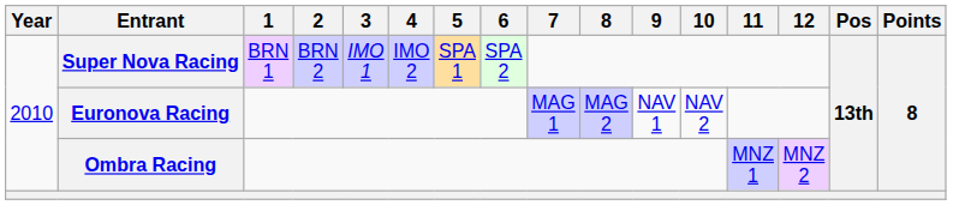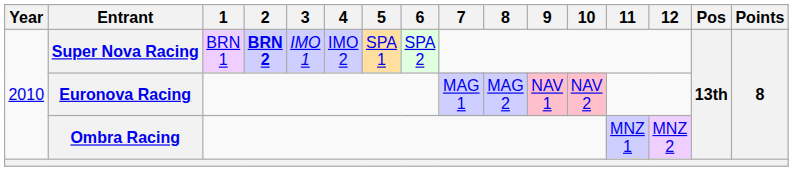 <table class="wikitable" style="text-align:center; font-size:85%">
 <tr>
 <th>Year</th>
 <th>Entrant</th>
 <th>1</th>
 <th>2</th>
 <th>3</th>
 <th>4</th>
 <th>5</th>
 <th>6</th>
 <th>7</th>
 <th>8</th>
 <th>9</th>
 <th>10</th>
 <th>11</th>
 <th>12</th>
 <th>Pos</th>
 <th>Points</th>
 </tr>
 <tr>
 <td rowspan=3><a href='#'>2010</a></td>
 <th nowrap><a href='#'>Super Nova Racing</a></th>
 <td style="background:#EFCFFF;"><a href='#'>BRN<br>1</a><br></td>
-<td style="background:#CFCFFF;"><a href='#'>BRN<br>2</a><br></td>
+<td style="background:#CFCFFF;"><strong><a href='#'>BRN<br>2</a><br></strong></td>
 <td style="background:#CFCFFF;"><em><a href='#'>IMO<br>1</a></em><br></td>
 <td style="background:#CFCFFF;"><a href='#'>IMO<br>2</a><br></td>
 <td style="background:#FFDF9F;"><a href='#'>SPA<br>1</a><br></td>
 <td style="background:#DFFFDF;"><a href='#'>SPA<br>2</a><br></td>
 <td colspan=6></td>
 <th rowspan=3>13th</th>
 <th rowspan=3>8</th>
 </tr>
 <tr>
 <th nowrap><a href='#'>Euronova Racing</a></th>
 <td colspan=6></td>
 <td style="background:#CFCFFF;"><a href='#'>MAG<br>1</a><br></td>
 <td style="background:#CFCFFF;"><a href='#'>MAG<br>2</a><br></td>
-<td><a href='#'>NAV<br>1</a></td>
-<td><a href='#'>NAV<br>2</a></td>
+<td style="background: pink;"><a href='#'>NAV<br>1</a></td>
+<td style="background: pink;"><a href='#'>NAV<br>2</a></td>
 <td colspan=2></td>
 </tr>
 <tr>
 <th nowrap><a href='#'>Ombra Racing</a></th>
 <td colspan=10></td>
 <td style="background:#CFCFFF;"><a href='#'>MNZ<br>1</a><br></td>
 <td style="background:#EFCFFF;"><a href='#'>MNZ<br>2</a><br></td>
 </tr>
 <tr>
 <th colspan="16"></th>
 </tr>
 </table>
